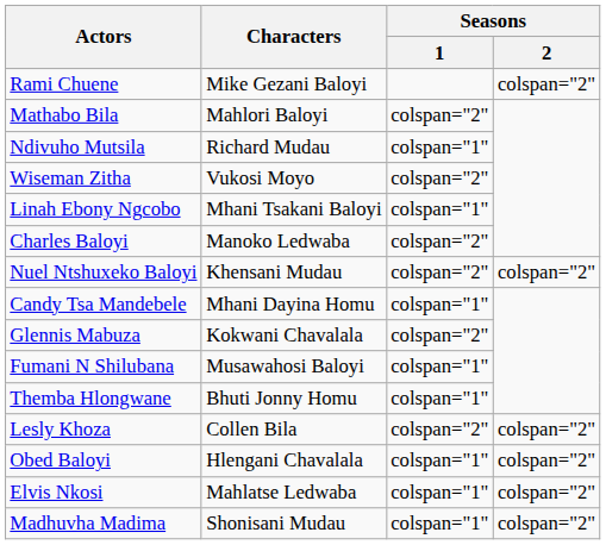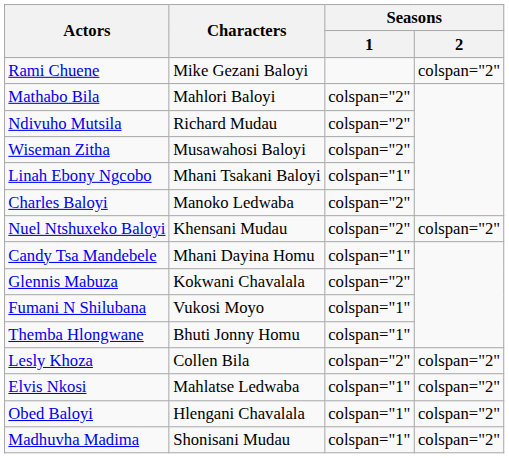 <table class="wikitable">
 <tr>
 <th rowspan="2">Actors</th>
 <th rowspan="2">Characters</th>
 <th colspan="2">Seasons</th>
 </tr>
 <tr>
 <th>1</th>
 <th>2</th>
 </tr>
 <tr>
 <td><a href='#'>Rami Chuene</a></td>
 <td>Mike Gezani Baloyi</td>
 <td></td>
 <td>colspan="2"</td>
 </tr>
 <tr>
 <td><a href='#'>Mathabo Bila</a></td>
 <td>Mahlori Baloyi</td>
 <td>colspan="2"</td>
 </tr>
 <tr>
 <td><a href='#'>Ndivuho Mutsila</a></td>
 <td>Richard Mudau</td>
-<td>colspan="1"</td>
+<td>colspan="2"</td>
 </tr>
 <tr>
 <td><a href='#'>Wiseman Zitha</a></td>
-<td>Vukosi Moyo</td>
+<td>Musawahosi Baloyi</td>
 <td>colspan="2"</td>
 </tr>
 <tr>
 <td><a href='#'>Linah Ebony Ngcobo</a></td>
 <td>Mhani Tsakani Baloyi</td>
 <td>colspan="1"</td>
 </tr>
 <tr>
 <td><a href='#'>Charles Baloyi</a></td>
 <td>Manoko Ledwaba</td>
 <td>colspan="2"</td>
 </tr>
 <tr>
 <td><a href='#'>Nuel Ntshuxeko Baloyi</a></td>
 <td>Khensani Mudau</td>
 <td>colspan="2"</td>
 <td>colspan="2"</td>
 </tr>
 <tr>
 <td><a href='#'>Candy Tsa Mandebele</a></td>
 <td>Mhani Dayina Homu</td>
 <td>colspan="1"</td>
 </tr>
 <tr>
 <td><a href='#'>Glennis Mabuza</a></td>
 <td>Kokwani Chavalala</td>
 <td>colspan="2"</td>
 </tr>
 <tr>
 <td><a href='#'>Fumani N Shilubana</a></td>
-<td>Musawahosi Baloyi</td>
+<td>Vukosi Moyo</td>
 <td>colspan="1"</td>
 </tr>
 <tr>
 <td><a href='#'>Themba Hlongwane</a></td>
 <td>Bhuti Jonny Homu</td>
 <td>colspan="1"</td>
 </tr>
 <tr>
 <td><a href='#'>Lesly Khoza</a></td>
 <td>Collen Bila</td>
 <td>colspan="2"</td>
 <td>colspan="2"</td>
 </tr>
 <tr>
-<td><a href='#'>Obed Baloyi</a></td>
-<td>Hlengani Chavalala</td>
+<td><a href='#'>Elvis Nkosi</a></td>
+<td>Mahlatse Ledwaba</td>
 <td>colspan="1"</td>
 <td>colspan="2"</td>
 </tr>
 <tr>
-<td><a href='#'>Elvis Nkosi</a></td>
-<td>Mahlatse Ledwaba</td>
+<td><a href='#'>Obed Baloyi</a></td>
+<td>Hlengani Chavalala</td>
 <td>colspan="1"</td>
 <td>colspan="2"</td>
 </tr>
 <tr>
 <td><a href='#'>Madhuvha Madima</a></td>
 <td>Shonisani Mudau</td>
 <td>colspan="1"</td>
 <td>colspan="2"</td>
 </tr>
 </table>
